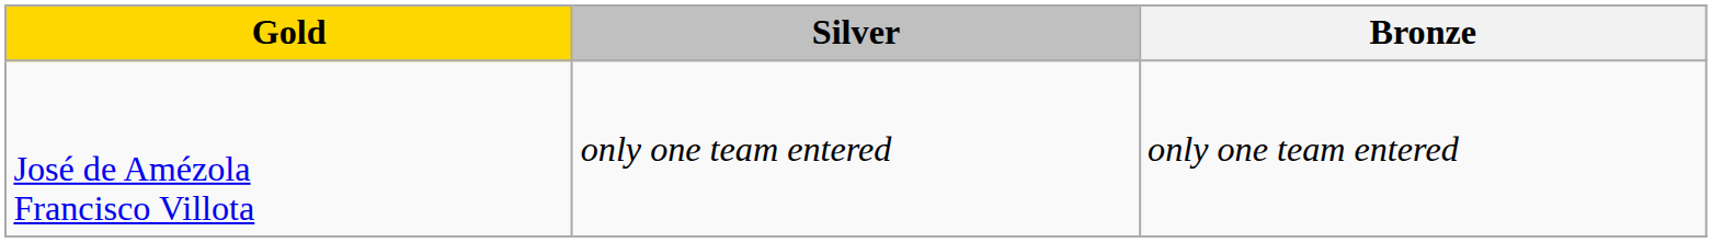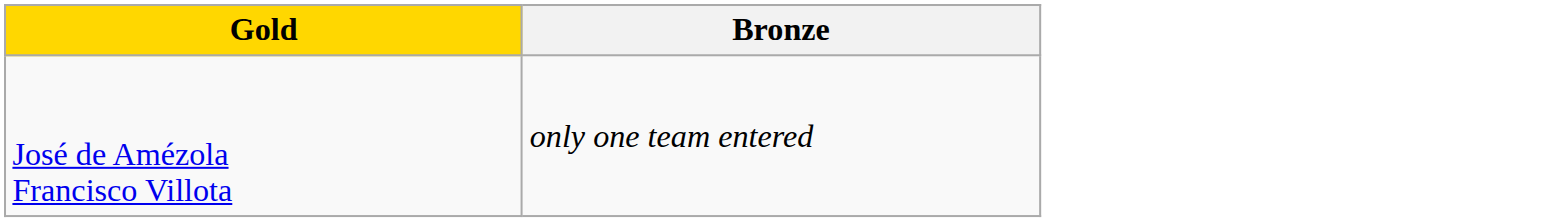 <table class="wikitable" border="1" style="font-size:100%">
 <tr align=center>
 <th scope=col style="width:250px; background: gold;">Gold</th>
-<th scope=col style="width:250px; background: silver;">Silver</th>
 <th scope=col style="width:250px; background: bronze;">Bronze</th>
 </tr>
 <tr>
 <td><br><br><a href='#'>José de Amézola</a><br> <a href='#'>Francisco Villota</a></td>
 <td><em>only one team entered</em></td>
-<td><em>only one team entered</em></td>
 </tr>
 </table>
